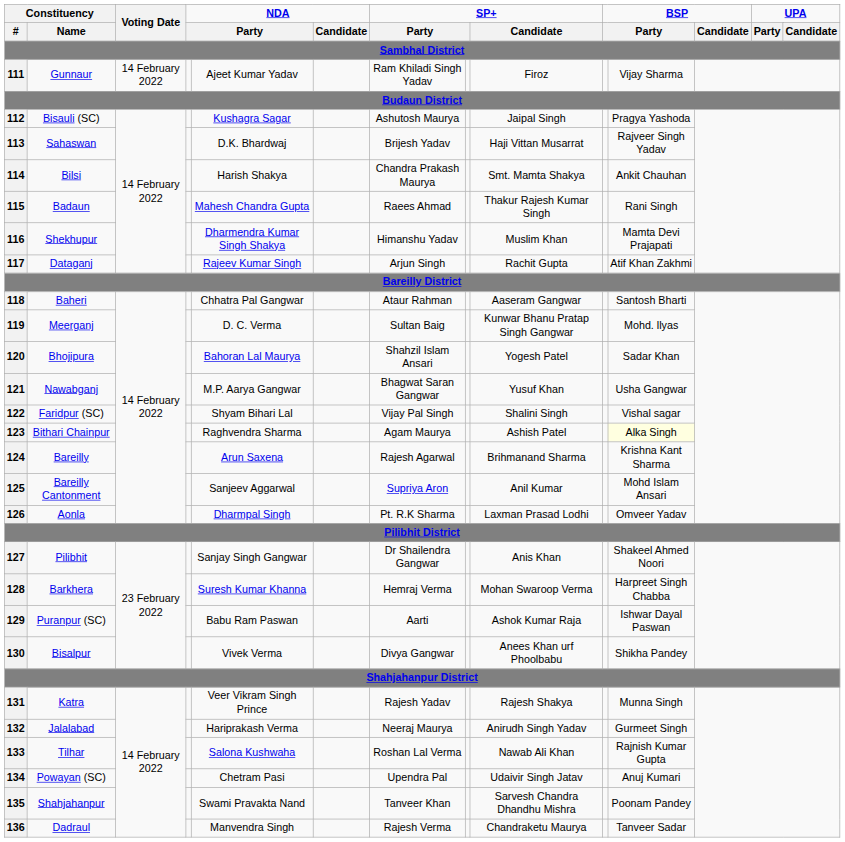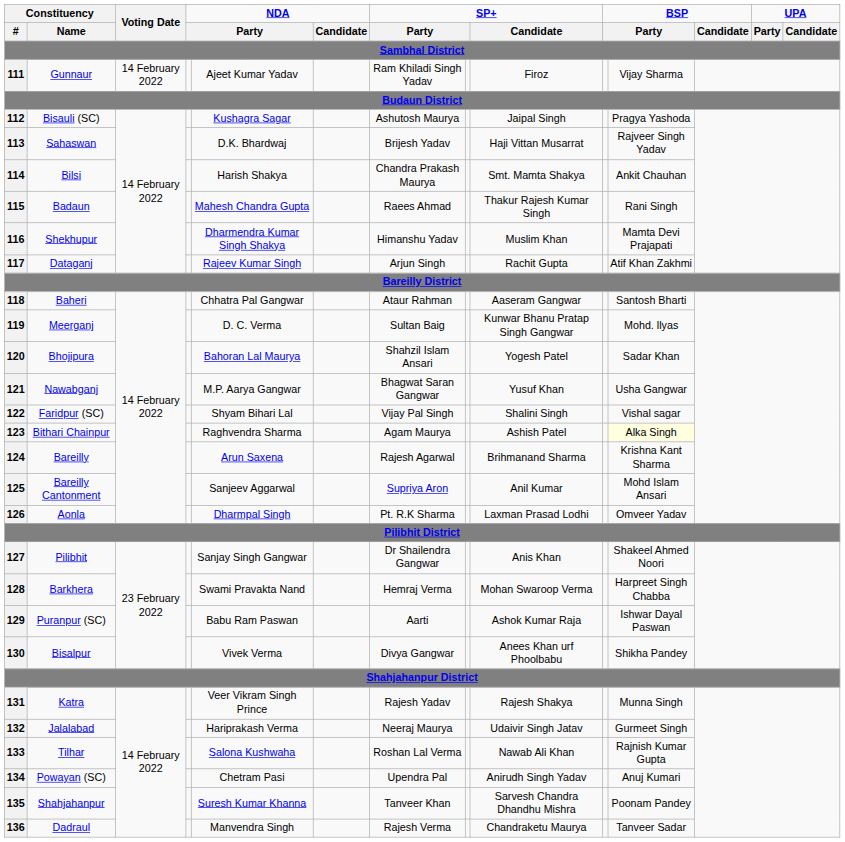 <table class="wikitable sortable mw-collapsible" style="line-height:20px;text-align:center;">
 <tr>
 <th colspan="2">Constituency</th>
 <th rowspan="2">Voting Date</th>
 <td colspan="3"><a href='#'><span><strong>NDA</strong></span></a></td>
 <td colspan="3"><a href='#'><span><strong>SP+</strong></span></a></td>
 <td colspan="3"><a href='#'><span><strong>BSP</strong></span></a></td>
 <td colspan="3"><a href='#'><span><strong>UPA</strong></span></a></td>
 </tr>
 <tr>
 <th>#</th>
 <th>Name</th>
 <th colspan="2">Party</th>
 <th>Candidate</th>
 <th colspan="2">Party</th>
 <th>Candidate</th>
 <th colspan="2">Party</th>
 <th>Candidate</th>
 <th colspan="2">Party</th>
 <th>Candidate</th>
 </tr>
 <tr>
 <td colspan="15" align="center" bgcolor="grey"><a href='#'><span><strong>Sambhal District</strong></span></a></td>
 </tr>
 <tr>
 <th>111</th>
 <td><a href='#'>Gunnaur</a></td>
 <td>14 February 2022</td>
 <td></td>
 <td>Ajeet Kumar Yadav</td>
 <td></td>
 <td>Ram Khiladi Singh  Yadav</td>
 <td></td>
 <td>Firoz</td>
 <td></td>
 <td>Vijay Sharma</td>
 </tr>
 <tr>
 <td colspan="15" align="center" bgcolor="grey"><a href='#'><span><strong>Budaun District</strong></span></a></td>
 </tr>
 <tr>
 <th>112</th>
 <td><a href='#'>Bisauli</a> (SC)</td>
 <td rowspan="6">14 February 2022</td>
 <td></td>
 <td><a href='#'>Kushagra Sagar</a></td>
 <td></td>
 <td>Ashutosh Maurya</td>
 <td></td>
 <td>Jaipal Singh</td>
 <td></td>
 <td>Pragya Yashoda</td>
 </tr>
 <tr>
 <th>113</th>
 <td><a href='#'>Sahaswan</a></td>
 <td></td>
 <td>D.K. Bhardwaj</td>
 <td></td>
 <td>Brijesh Yadav</td>
 <td></td>
 <td>Haji Vittan Musarrat</td>
 <td></td>
 <td>Rajveer Singh Yadav</td>
 </tr>
 <tr>
 <th>114</th>
 <td><a href='#'>Bilsi</a></td>
 <td></td>
 <td>Harish Shakya</td>
 <td></td>
 <td>Chandra Prakash Maurya</td>
 <td></td>
 <td>Smt. Mamta Shakya</td>
 <td></td>
 <td>Ankit Chauhan</td>
 </tr>
 <tr>
 <th>115</th>
 <td><a href='#'>Badaun</a></td>
 <td></td>
 <td><a href='#'>Mahesh Chandra Gupta</a></td>
 <td></td>
 <td>Raees Ahmad</td>
 <td></td>
 <td>Thakur Rajesh Kumar Singh</td>
 <td></td>
 <td>Rani Singh</td>
 </tr>
 <tr>
 <th>116</th>
 <td><a href='#'>Shekhupur</a></td>
 <td></td>
 <td><a href='#'>Dharmendra Kumar Singh Shakya</a></td>
 <td></td>
 <td>Himanshu Yadav</td>
 <td></td>
 <td>Muslim Khan</td>
 <td></td>
 <td>Mamta Devi Prajapati</td>
 </tr>
 <tr>
 <th>117</th>
 <td><a href='#'>Dataganj</a></td>
 <td></td>
 <td><a href='#'>Rajeev Kumar Singh</a></td>
 <td></td>
 <td>Arjun Singh</td>
 <td></td>
 <td>Rachit Gupta</td>
 <td></td>
 <td>Atif Khan Zakhmi</td>
 </tr>
 <tr>
 <td colspan="15" align="center" bgcolor="grey"><a href='#'><span><strong>Bareilly District</strong></span></a></td>
 </tr>
 <tr>
 <th>118</th>
 <td><a href='#'>Baheri</a></td>
 <td rowspan="9">14 February 2022</td>
 <td></td>
 <td>Chhatra Pal Gangwar</td>
 <td></td>
 <td>Ataur Rahman</td>
 <td></td>
 <td>Aaseram Gangwar</td>
 <td></td>
 <td>Santosh Bharti</td>
 </tr>
 <tr>
 <th>119</th>
 <td><a href='#'>Meerganj</a></td>
 <td></td>
 <td>D. C. Verma</td>
 <td></td>
 <td>Sultan Baig</td>
 <td></td>
 <td>Kunwar Bhanu Pratap Singh Gangwar</td>
 <td></td>
 <td>Mohd. llyas</td>
 </tr>
 <tr>
 <th>120</th>
 <td><a href='#'>Bhojipura</a></td>
 <td></td>
 <td><a href='#'>Bahoran Lal Maurya</a></td>
 <td></td>
 <td>Shahzil Islam Ansari</td>
 <td></td>
 <td>Yogesh Patel</td>
 <td></td>
 <td>Sadar Khan</td>
 </tr>
 <tr>
 <th>121</th>
 <td><a href='#'>Nawabganj</a></td>
 <td></td>
 <td>M.P. Aarya Gangwar</td>
 <td></td>
 <td>Bhagwat Saran Gangwar</td>
 <td></td>
 <td>Yusuf Khan</td>
 <td></td>
 <td>Usha Gangwar</td>
 </tr>
 <tr>
 <th>122</th>
 <td><a href='#'>Faridpur</a> (SC)</td>
 <td></td>
 <td>Shyam Bihari Lal</td>
 <td></td>
 <td>Vijay Pal Singh</td>
 <td></td>
 <td>Shalini Singh</td>
 <td></td>
 <td>Vishal sagar</td>
 </tr>
 <tr>
 <th>123</th>
 <td><a href='#'>Bithari Chainpur</a></td>
 <td></td>
 <td>Raghvendra Sharma</td>
 <td></td>
 <td>Agam Maurya</td>
 <td></td>
 <td>Ashish Patel</td>
 <td></td>
 <td style="background: lightyellow;">Alka Singh</td>
 </tr>
 <tr>
 <th>124</th>
 <td><a href='#'>Bareilly</a></td>
 <td></td>
 <td><a href='#'>Arun Saxena</a></td>
 <td></td>
 <td>Rajesh Agarwal</td>
 <td></td>
 <td>Brihmanand Sharma</td>
 <td></td>
 <td>Krishna Kant Sharma</td>
 </tr>
 <tr>
 <th>125</th>
 <td><a href='#'>Bareilly Cantonment</a></td>
 <td></td>
 <td>Sanjeev Aggarwal</td>
 <td></td>
 <td><a href='#'>Supriya Aron</a></td>
 <td></td>
 <td>Anil Kumar</td>
 <td></td>
 <td>Mohd Islam Ansari</td>
 </tr>
 <tr>
 <th>126</th>
 <td><a href='#'>Aonla</a></td>
 <td></td>
 <td><a href='#'>Dharmpal Singh</a></td>
 <td></td>
 <td>Pt. R.K Sharma</td>
 <td></td>
 <td>Laxman Prasad Lodhi</td>
 <td></td>
 <td>Omveer Yadav</td>
 </tr>
 <tr>
 <td colspan="15" align="center" bgcolor="grey"><a href='#'><span><strong>Pilibhit District</strong></span></a></td>
 </tr>
 <tr>
 <th>127</th>
 <td><a href='#'>Pilibhit</a></td>
 <td rowspan="4">23 February 2022</td>
 <td></td>
 <td>Sanjay Singh Gangwar</td>
 <td></td>
 <td>Dr Shailendra Gangwar</td>
 <td></td>
 <td>Anis Khan</td>
 <td></td>
 <td>Shakeel Ahmed Noori</td>
 </tr>
 <tr>
 <th>128</th>
 <td><a href='#'>Barkhera</a></td>
 <td></td>
-<td><a href='#'>Suresh Kumar Khanna</a></td>
+<td>Swami Pravakta Nand</td>
 <td></td>
 <td>Hemraj Verma</td>
 <td></td>
 <td>Mohan Swaroop Verma</td>
 <td></td>
 <td>Harpreet Singh Chabba</td>
 </tr>
 <tr>
 <th>129</th>
 <td><a href='#'>Puranpur</a> (SC)</td>
 <td></td>
 <td>Babu Ram Paswan</td>
 <td></td>
 <td>Aarti</td>
 <td></td>
 <td>Ashok Kumar Raja</td>
 <td></td>
 <td>Ishwar Dayal Paswan</td>
 </tr>
 <tr>
 <th>130</th>
 <td><a href='#'>Bisalpur</a></td>
 <td></td>
 <td>Vivek Verma </td>
 <td></td>
 <td>Divya Gangwar</td>
 <td></td>
 <td>Anees Khan urf Phoolbabu</td>
 <td></td>
 <td>Shikha Pandey</td>
 </tr>
 <tr>
 <td colspan="15" align="center" bgcolor="grey"><a href='#'><span><strong>Shahjahanpur District</strong></span></a></td>
 </tr>
 <tr>
 <th>131</th>
 <td><a href='#'>Katra</a></td>
 <td rowspan="6">14 February 2022</td>
 <td></td>
 <td>Veer Vikram Singh Prince</td>
 <td></td>
 <td>Rajesh Yadav</td>
 <td></td>
 <td>Rajesh Shakya</td>
 <td></td>
 <td>Munna Singh</td>
 </tr>
 <tr>
 <th>132</th>
 <td><a href='#'>Jalalabad</a></td>
 <td></td>
 <td>Hariprakash Verma</td>
 <td></td>
 <td>Neeraj Maurya</td>
 <td></td>
-<td>Anirudh Singh Yadav</td>
+<td>Udaivir Singh Jatav</td>
 <td></td>
 <td>Gurmeet Singh</td>
 </tr>
 <tr>
 <th>133</th>
 <td><a href='#'>Tilhar</a></td>
 <td></td>
 <td><a href='#'>Salona Kushwaha</a></td>
 <td></td>
 <td>Roshan Lal Verma</td>
 <td></td>
 <td>Nawab Ali Khan</td>
 <td></td>
 <td>Rajnish Kumar Gupta</td>
 </tr>
 <tr>
 <th>134</th>
 <td><a href='#'>Powayan</a> (SC)</td>
 <td></td>
 <td>Chetram Pasi</td>
 <td></td>
 <td>Upendra Pal</td>
 <td></td>
-<td>Udaivir Singh Jatav</td>
+<td>Anirudh Singh Yadav</td>
 <td></td>
 <td>Anuj Kumari</td>
 </tr>
 <tr>
 <th>135</th>
 <td><a href='#'>Shahjahanpur</a></td>
 <td></td>
-<td>Swami Pravakta Nand</td>
+<td><a href='#'>Suresh Kumar Khanna</a></td>
 <td></td>
 <td>Tanveer Khan</td>
 <td></td>
 <td>Sarvesh Chandra Dhandhu Mishra</td>
 <td></td>
 <td>Poonam Pandey</td>
 </tr>
 <tr>
 <th>136</th>
 <td><a href='#'>Dadraul</a></td>
 <td></td>
 <td>Manvendra Singh</td>
 <td></td>
 <td>Rajesh Verma</td>
 <td></td>
 <td>Chandraketu Maurya</td>
 <td></td>
 <td>Tanveer Sadar</td>
 </tr>
 </table>
